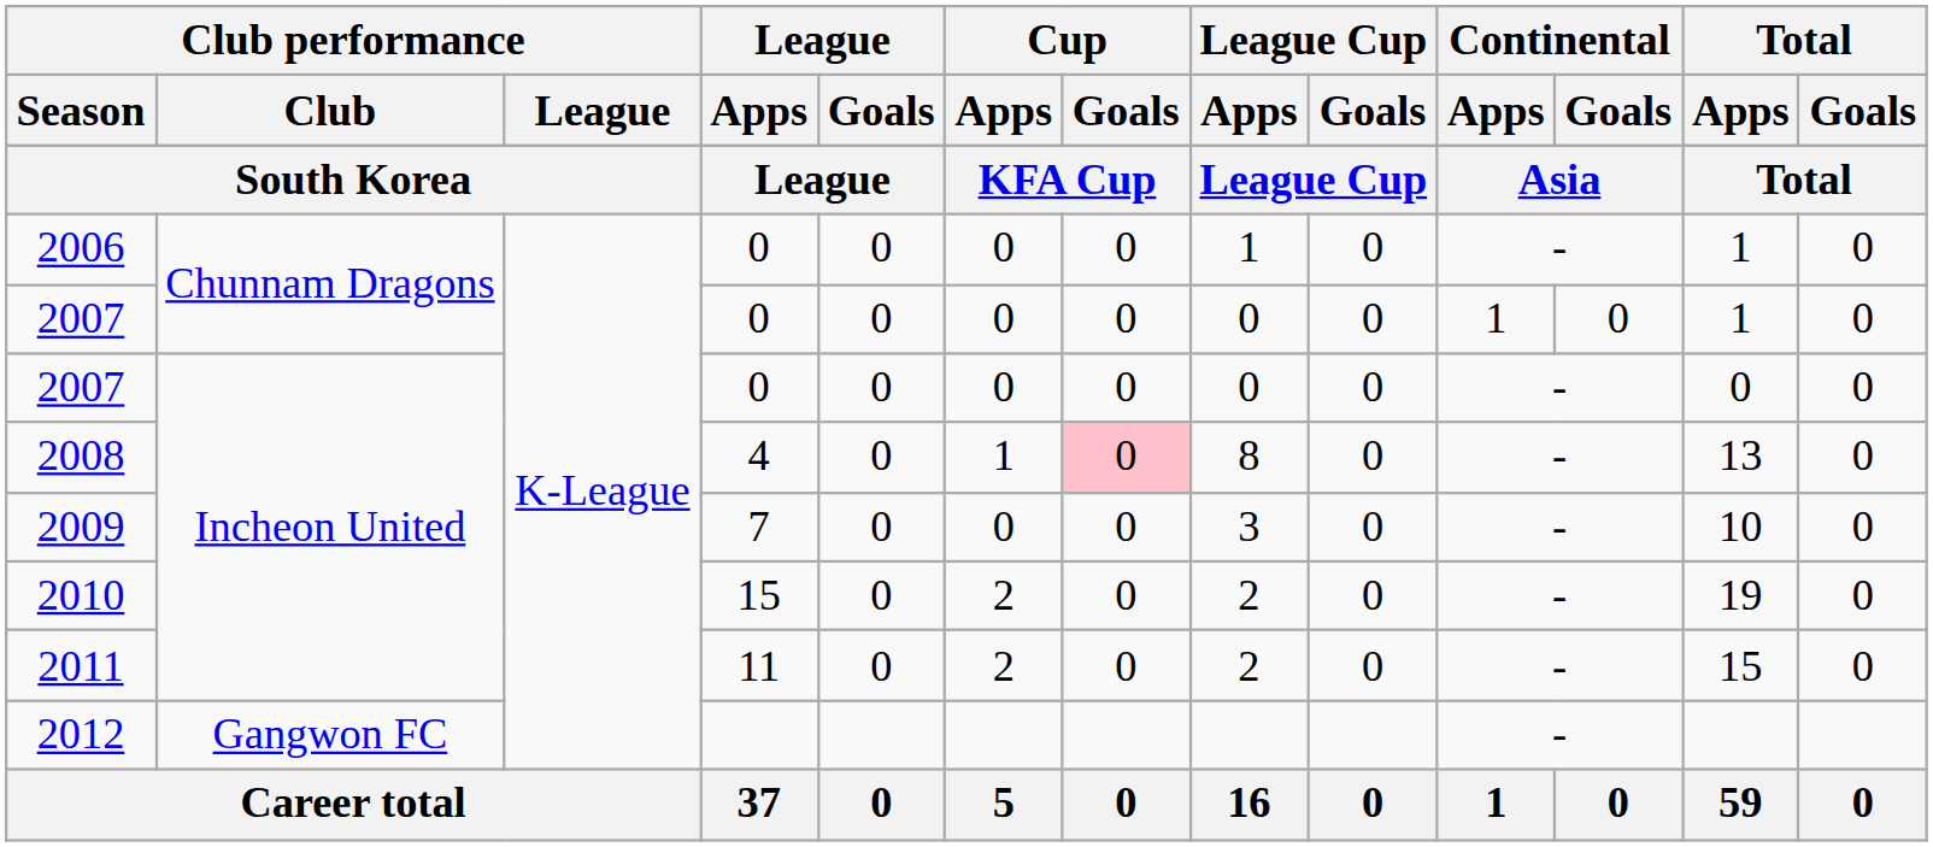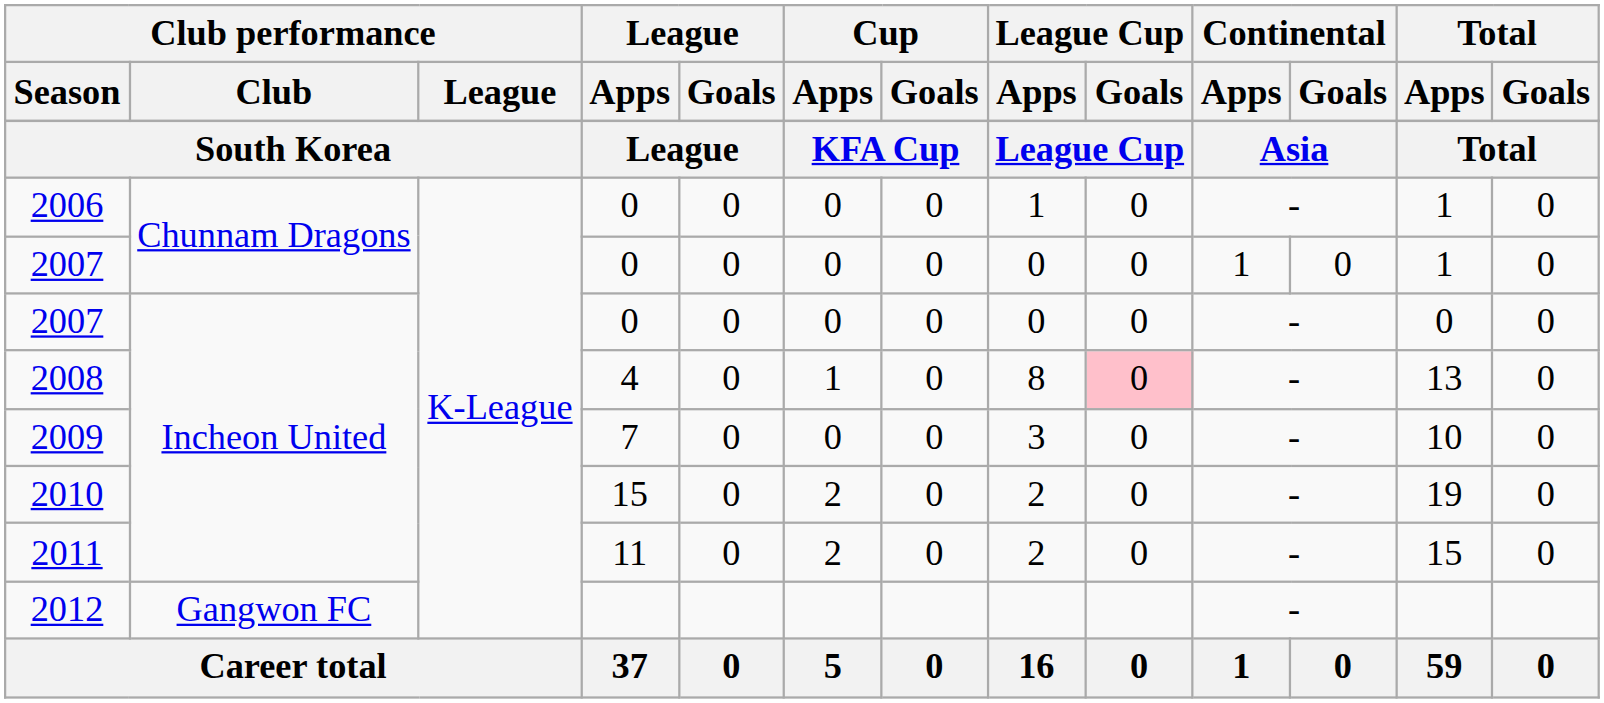 <table class="wikitable" style="text-align:center">
 <tr>
 <th colspan=3>Club performance</th>
 <th colspan=2>League</th>
 <th colspan=2>Cup</th>
 <th colspan=2>League Cup</th>
 <th colspan=2>Continental</th>
 <th colspan=2>Total</th>
 </tr>
 <tr>
 <th>Season</th>
 <th>Club</th>
 <th>League</th>
 <th>Apps</th>
 <th>Goals</th>
 <th>Apps</th>
 <th>Goals</th>
 <th>Apps</th>
 <th>Goals</th>
 <th>Apps</th>
 <th>Goals</th>
 <th>Apps</th>
 <th>Goals</th>
 </tr>
 <tr>
 </tr>
 <tr>
 <th colspan=3>South Korea</th>
 <th colspan=2>League</th>
 <th colspan=2><a href='#'>KFA Cup</a></th>
 <th colspan=2><a href='#'>League Cup</a></th>
 <th colspan=2><a href='#'>Asia</a></th>
 <th colspan=2>Total</th>
 </tr>
 <tr>
 <td><a href='#'>2006</a></td>
 <td rowspan="2"><a href='#'>Chunnam Dragons</a></td>
 <td rowspan="8"><a href='#'>K-League</a></td>
 <td>0</td>
 <td>0</td>
 <td>0</td>
 <td>0</td>
 <td>1</td>
 <td>0</td>
 <td colspan="2">-</td>
 <td>1</td>
 <td>0</td>
 </tr>
 <tr>
 <td><a href='#'>2007</a></td>
 <td>0</td>
 <td>0</td>
 <td>0</td>
 <td>0</td>
 <td>0</td>
 <td>0</td>
 <td>1</td>
 <td>0</td>
 <td>1</td>
 <td>0</td>
 </tr>
 <tr>
 <td><a href='#'>2007</a></td>
 <td rowspan="5"><a href='#'>Incheon United</a></td>
 <td>0</td>
 <td>0</td>
 <td>0</td>
 <td>0</td>
 <td>0</td>
 <td>0</td>
 <td colspan="2">-</td>
 <td>0</td>
 <td>0</td>
 </tr>
 <tr>
 <td><a href='#'>2008</a></td>
 <td>4</td>
 <td>0</td>
 <td>1</td>
+<td>0</td>
+<td>8</td>
 <td style="background: pink;">0</td>
-<td>8</td>
-<td>0</td>
 <td colspan="2">-</td>
 <td>13</td>
 <td>0</td>
 </tr>
 <tr>
 <td><a href='#'>2009</a></td>
 <td>7</td>
 <td>0</td>
 <td>0</td>
 <td>0</td>
 <td>3</td>
 <td>0</td>
 <td colspan="2">-</td>
 <td>10</td>
 <td>0</td>
 </tr>
 <tr>
 <td><a href='#'>2010</a></td>
 <td>15</td>
 <td>0</td>
 <td>2</td>
 <td>0</td>
 <td>2</td>
 <td>0</td>
 <td colspan="2">-</td>
 <td>19</td>
 <td>0</td>
 </tr>
 <tr>
 <td><a href='#'>2011</a></td>
 <td>11</td>
 <td>0</td>
 <td>2</td>
 <td>0</td>
 <td>2</td>
 <td>0</td>
 <td colspan="2">-</td>
 <td>15</td>
 <td>0</td>
 </tr>
 <tr>
 <td><a href='#'>2012</a></td>
 <td rowspan="1"><a href='#'>Gangwon FC</a></td>
 <td></td>
 <td></td>
 <td></td>
 <td></td>
 <td></td>
 <td></td>
 <td colspan="2">-</td>
 <td></td>
 <td></td>
 </tr>
 <tr>
 <th colspan=3>Career total</th>
 <th>37</th>
 <th>0</th>
 <th>5</th>
 <th>0</th>
 <th>16</th>
 <th>0</th>
 <th>1</th>
 <th>0</th>
 <th>59</th>
 <th>0</th>
 </tr>
 </table>
